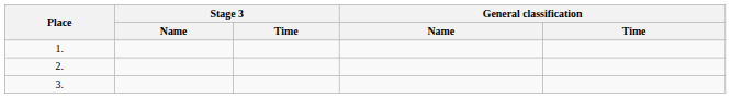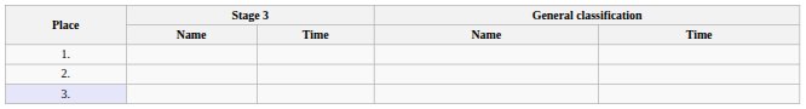 <table class=wikitable style="font-size:95%" width="80%">
 <tr>
 <th rowspan="2">Place</th>
 <th colspan="2">Stage 3</th>
 <th colspan="2">General classification</th>
 </tr>
 <tr>
 <th>Name</th>
 <th>Time</th>
 <th>Name</th>
 <th>Time</th>
 </tr>
 <tr>
 <td align="center">1.</td>
 <td></td>
 <td></td>
 <td></td>
 <td></td>
 </tr>
 <tr>
 <td align="center">2.</td>
 <td></td>
 <td></td>
 <td></td>
 <td></td>
 </tr>
 <tr>
-<td align="center">3.</td>
+<td align="center" style="background: lavender;">3.</td>
 <td></td>
 <td></td>
 <td></td>
 <td></td>
 </tr>
 </table>
